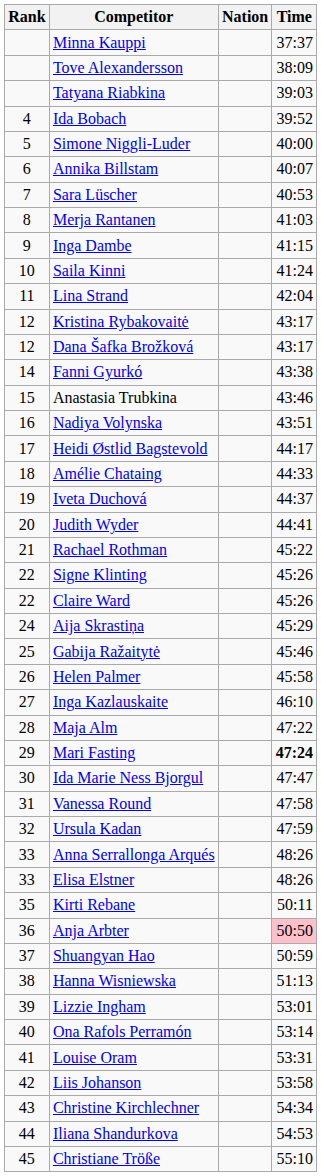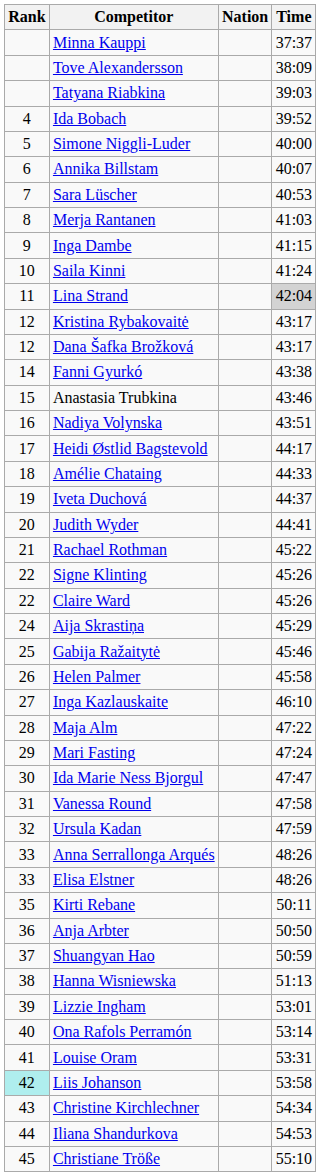 <table class="wikitable sortable" style="text-align:left">
 <tr>
 <th data-sort-type="number">Rank</th>
 <th class="unsortable">Competitor</th>
 <th>Nation</th>
 <th>Time</th>
 </tr>
 <tr>
 <td style="text-align:center"></td>
 <td><a href='#'>Minna Kauppi</a></td>
 <td></td>
 <td style="text-align:right">37:37</td>
 </tr>
 <tr>
 <td style="text-align:center"></td>
 <td><a href='#'>Tove Alexandersson</a></td>
 <td></td>
 <td style="text-align:right">38:09</td>
 </tr>
 <tr>
 <td style="text-align:center"></td>
 <td><a href='#'>Tatyana Riabkina</a></td>
 <td></td>
 <td style="text-align:right">39:03</td>
 </tr>
 <tr>
 <td style="text-align:center">4</td>
 <td><a href='#'>Ida Bobach</a></td>
 <td></td>
 <td style="text-align:right">39:52</td>
 </tr>
 <tr>
 <td style="text-align:center">5</td>
 <td><a href='#'>Simone Niggli-Luder</a></td>
 <td></td>
 <td style="text-align:right">40:00</td>
 </tr>
 <tr>
 <td style="text-align:center">6</td>
 <td><a href='#'>Annika Billstam</a></td>
 <td></td>
 <td style="text-align:right">40:07</td>
 </tr>
 <tr>
 <td style="text-align:center">7</td>
 <td><a href='#'>Sara Lüscher</a></td>
 <td></td>
 <td style="text-align:right">40:53</td>
 </tr>
 <tr>
 <td style="text-align:center">8</td>
 <td><a href='#'>Merja Rantanen</a></td>
 <td></td>
 <td style="text-align:right">41:03</td>
 </tr>
 <tr>
 <td style="text-align:center">9</td>
 <td><a href='#'>Inga Dambe</a></td>
 <td></td>
 <td style="text-align:right">41:15</td>
 </tr>
 <tr>
 <td style="text-align:center">10</td>
 <td><a href='#'>Saila Kinni</a></td>
 <td></td>
 <td style="text-align:right">41:24</td>
 </tr>
 <tr>
 <td style="text-align:center">11</td>
 <td><a href='#'>Lina Strand</a></td>
 <td></td>
-<td style="text-align:right">42:04</td>
+<td style="background: lightgrey; text-align:right">42:04</td>
 </tr>
 <tr>
 <td style="text-align:center">12</td>
 <td><a href='#'>Kristina Rybakovaitė</a></td>
 <td></td>
 <td style="text-align:right">43:17</td>
 </tr>
 <tr>
 <td style="text-align:center">12</td>
 <td><a href='#'>Dana Šafka Brožková</a></td>
 <td></td>
 <td style="text-align:right">43:17</td>
 </tr>
 <tr>
 <td style="text-align:center">14</td>
 <td><a href='#'>Fanni Gyurkó</a></td>
 <td></td>
 <td style="text-align:right">43:38</td>
 </tr>
 <tr>
 <td style="text-align:center">15</td>
 <td>Anastasia Trubkina</td>
 <td></td>
 <td style="text-align:right">43:46</td>
 </tr>
 <tr>
 <td style="text-align:center">16</td>
 <td><a href='#'>Nadiya Volynska</a></td>
 <td></td>
 <td style="text-align:right">43:51</td>
 </tr>
 <tr>
 <td style="text-align:center">17</td>
 <td><a href='#'>Heidi Østlid Bagstevold</a></td>
 <td></td>
 <td style="text-align:right">44:17</td>
 </tr>
 <tr>
 <td style="text-align:center">18</td>
 <td><a href='#'>Amélie Chataing</a></td>
 <td></td>
 <td style="text-align:right">44:33</td>
 </tr>
 <tr>
 <td style="text-align:center">19</td>
 <td><a href='#'>Iveta Duchová</a></td>
 <td></td>
 <td style="text-align:right">44:37</td>
 </tr>
 <tr>
 <td style="text-align:center">20</td>
 <td><a href='#'>Judith Wyder</a></td>
 <td></td>
 <td style="text-align:right">44:41</td>
 </tr>
 <tr>
 <td style="text-align:center">21</td>
 <td><a href='#'>Rachael Rothman</a></td>
 <td></td>
 <td style="text-align:right">45:22</td>
 </tr>
 <tr>
 <td style="text-align:center">22</td>
 <td><a href='#'>Signe Klinting</a></td>
 <td></td>
 <td style="text-align:right">45:26</td>
 </tr>
 <tr>
 <td style="text-align:center">22</td>
 <td><a href='#'>Claire Ward</a></td>
 <td></td>
 <td style="text-align:right">45:26</td>
 </tr>
 <tr>
 <td style="text-align:center">24</td>
 <td><a href='#'>Aija Skrastiņa</a></td>
 <td></td>
 <td style="text-align:right">45:29</td>
 </tr>
 <tr>
 <td style="text-align:center">25</td>
 <td><a href='#'>Gabija Ražaitytė</a></td>
 <td></td>
 <td style="text-align:right">45:46</td>
 </tr>
 <tr>
 <td style="text-align:center">26</td>
 <td><a href='#'>Helen Palmer</a></td>
 <td></td>
 <td style="text-align:right">45:58</td>
 </tr>
 <tr>
 <td style="text-align:center">27</td>
 <td><a href='#'>Inga Kazlauskaite</a></td>
 <td></td>
 <td style="text-align:right">46:10</td>
 </tr>
 <tr>
 <td style="text-align:center">28</td>
 <td><a href='#'>Maja Alm</a></td>
 <td></td>
 <td style="text-align:right">47:22</td>
 </tr>
 <tr>
 <td style="text-align:center">29</td>
 <td><a href='#'>Mari Fasting</a></td>
 <td></td>
-<td style="text-align:right"><strong>47:24</strong></td>
+<td style="text-align:right">47:24</td>
 </tr>
 <tr>
 <td style="text-align:center">30</td>
 <td><a href='#'>Ida Marie Ness Bjorgul</a></td>
 <td></td>
 <td style="text-align:right">47:47</td>
 </tr>
 <tr>
 <td style="text-align:center">31</td>
 <td><a href='#'>Vanessa Round</a></td>
 <td></td>
 <td style="text-align:right">47:58</td>
 </tr>
 <tr>
 <td style="text-align:center">32</td>
 <td><a href='#'>Ursula Kadan</a></td>
 <td></td>
 <td style="text-align:right">47:59</td>
 </tr>
 <tr>
 <td style="text-align:center">33</td>
 <td><a href='#'>Anna Serrallonga Arqués</a></td>
 <td></td>
 <td style="text-align:right">48:26</td>
 </tr>
 <tr>
 <td style="text-align:center">33</td>
 <td><a href='#'>Elisa Elstner</a></td>
 <td></td>
 <td style="text-align:right">48:26</td>
 </tr>
 <tr>
 <td style="text-align:center">35</td>
 <td><a href='#'>Kirti Rebane</a></td>
 <td></td>
 <td style="text-align:right">50:11</td>
 </tr>
 <tr>
 <td style="text-align:center">36</td>
 <td><a href='#'>Anja Arbter</a></td>
 <td></td>
-<td style="background: pink; text-align:right">50:50</td>
+<td style="text-align:right">50:50</td>
 </tr>
 <tr>
 <td style="text-align:center">37</td>
 <td><a href='#'>Shuangyan Hao</a></td>
 <td></td>
 <td style="text-align:right">50:59</td>
 </tr>
 <tr>
 <td style="text-align:center">38</td>
 <td><a href='#'>Hanna Wisniewska</a></td>
 <td></td>
 <td style="text-align:right">51:13</td>
 </tr>
 <tr>
 <td style="text-align:center">39</td>
 <td><a href='#'>Lizzie Ingham</a></td>
 <td></td>
 <td style="text-align:right">53:01</td>
 </tr>
 <tr>
 <td style="text-align:center">40</td>
 <td><a href='#'>Ona Rafols Perramón</a></td>
 <td></td>
 <td style="text-align:right">53:14</td>
 </tr>
 <tr>
 <td style="text-align:center">41</td>
 <td><a href='#'>Louise Oram</a></td>
 <td></td>
 <td style="text-align:right">53:31</td>
 </tr>
 <tr>
-<td style="text-align:center">42</td>
+<td style="background: paleturquoise; text-align:center">42</td>
 <td><a href='#'>Liis Johanson</a></td>
 <td></td>
 <td style="text-align:right">53:58</td>
 </tr>
 <tr>
 <td style="text-align:center">43</td>
 <td><a href='#'>Christine Kirchlechner</a></td>
 <td></td>
 <td style="text-align:right">54:34</td>
 </tr>
 <tr>
 <td style="text-align:center">44</td>
 <td><a href='#'>Iliana Shandurkova</a></td>
 <td></td>
 <td style="text-align:right">54:53</td>
 </tr>
 <tr>
 <td style="text-align:center">45</td>
 <td><a href='#'>Christiane Tröße</a></td>
 <td></td>
 <td style="text-align:right">55:10</td>
 </tr>
 </table>
